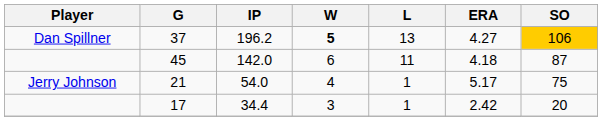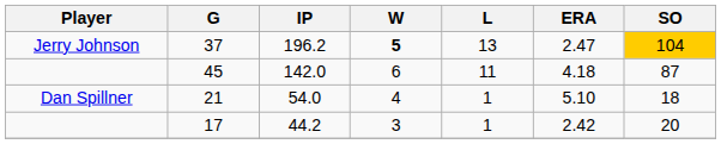 <table class="wikitable sortable">
 <tr>
 <th bgcolor="#DDDDFF" width="16%">Player</th>
 <th bgcolor="#DDDDFF" width="9%">G</th>
 <th bgcolor="#DDDDFF" width="9%">IP</th>
 <th bgcolor="#DDDDFF" width="9%">W</th>
 <th bgcolor="#DDDDFF" width="9%">L</th>
 <th bgcolor="#DDDDFF" width="9%">ERA</th>
 <th bgcolor="#DDDDFF" width="9%">SO</th>
 </tr>
 <tr align="center">
-<td><a href='#'>Dan Spillner</a></td>
+<td><a href='#'>Jerry Johnson</a></td>
 <td>37</td>
 <td>196.2</td>
 <td><strong>5</strong></td>
 <td>13</td>
-<td>4.27</td>
-<td style="background:#fc0;">106</td>
+<td>2.47</td>
+<td style="background:#fc0;">104</td>
 </tr>
 <tr align=center>
 <td></td>
 <td>45</td>
 <td>142.0</td>
 <td>6</td>
 <td>11</td>
 <td>4.18</td>
 <td>87</td>
 </tr>
 <tr align="center">
-<td><a href='#'>Jerry Johnson</a></td>
+<td><a href='#'>Dan Spillner</a></td>
 <td>21</td>
 <td>54.0</td>
 <td>4</td>
 <td>1</td>
-<td>5.17</td>
-<td>75</td>
+<td>5.10</td>
+<td>18</td>
 </tr>
 <tr align=center>
 <td></td>
 <td>17</td>
-<td>34.4</td>
+<td>44.2</td>
 <td>3</td>
 <td>1</td>
 <td>2.42</td>
 <td>20</td>
 </tr>
 <tr align="center">
 </tr>
 </table>
